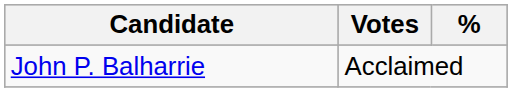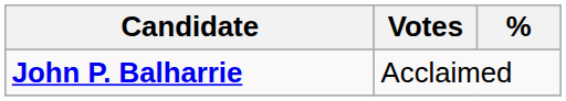 <table class="wikitable">
 <tr>
 <th style="width: 200px">Candidate</th>
 <th style="width: 50px">Votes</th>
 <th style="width: 40px">%</th>
 </tr>
 <tr>
-<td><a href='#'>John P. Balharrie</a></td>
+<td><strong><a href='#'>John P. Balharrie</a></strong></td>
 <td colspan="2">Acclaimed</td>
 </tr>
 </table>
